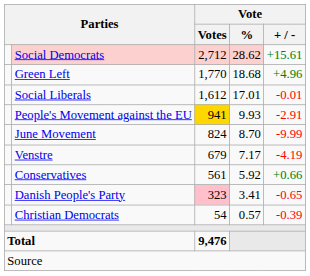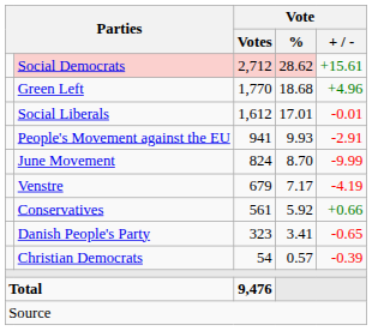 <table class="wikitable" style="text-align:right;">
 <tr>
 <th style="text-align:centre;" rowspan="2" colspan="2" width="225">Parties</th>
 <th colspan="3">Vote</th>
 </tr>
 <tr>
 <th width="15">Votes</th>
 <th width="15">%</th>
 <th width="15">+ / -</th>
 </tr>
 <tr>
 <td width="2" style="color:inherit;background:"></td>
 <td bgcolor=#fbd0ce   align="left"><a href='#'>Social Democrats</a></td>
 <td bgcolor=#fbd0ce>2,712</td>
 <td bgcolor=#fbd0ce>28.62</td>
 <td style=color:green;>+15.61</td>
 </tr>
 <tr>
 <td width="2" style="color:inherit;background:"></td>
 <td align="left"><a href='#'>Green Left</a></td>
 <td>1,770</td>
 <td>18.68</td>
 <td style=color:green;>+4.96</td>
 </tr>
 <tr>
 <td width="2" style="color:inherit;background:"></td>
 <td align="left"><a href='#'>Social Liberals</a></td>
 <td>1,612</td>
 <td>17.01</td>
 <td style=color:red;>-0.01</td>
 </tr>
 <tr>
 <td width="2" style="color:inherit;background:"></td>
 <td align="left"><a href='#'>People's Movement against the EU</a></td>
-<td style="background: gold;">941</td>
+<td>941</td>
 <td>9.93</td>
 <td style=color:red;>-2.91</td>
 </tr>
 <tr>
 <td width="2" style="color:inherit;background:"></td>
 <td align="left"><a href='#'>June Movement</a></td>
 <td>824</td>
 <td>8.70</td>
 <td style=color:red;>-9.99</td>
 </tr>
 <tr>
 <td width="2" style="color:inherit;background:"></td>
 <td align="left"><a href='#'>Venstre</a></td>
 <td>679</td>
 <td>7.17</td>
 <td style=color:red;>-4.19</td>
 </tr>
 <tr>
 <td width="2" style="color:inherit;background:"></td>
 <td align="left"><a href='#'>Conservatives</a></td>
 <td>561</td>
 <td>5.92</td>
 <td style=color:green;>+0.66</td>
 </tr>
 <tr>
 <td width="2" style="color:inherit;background:"></td>
 <td align="left"><a href='#'>Danish People's Party</a></td>
-<td style="background: pink;">323</td>
+<td>323</td>
 <td>3.41</td>
 <td style=color:red;>-0.65</td>
 </tr>
 <tr>
 <td width="2" style="color:inherit;background:"></td>
 <td align="left"><a href='#'>Christian Democrats</a></td>
 <td>54</td>
 <td>0.57</td>
 <td style=color:red;>-0.39</td>
 </tr>
 <tr>
 <td colspan="7" bgcolor="#E9E9E9"></td>
 </tr>
 <tr>
 <td align="left" colspan="2"><strong>Total</strong></td>
 <td><strong>9,476</strong></td>
 <td bgcolor="#E9E9E9" colspan="2"></td>
 </tr>
 <tr>
 <td align="left" colspan="6">Source</td>
 </tr>
 </table>
